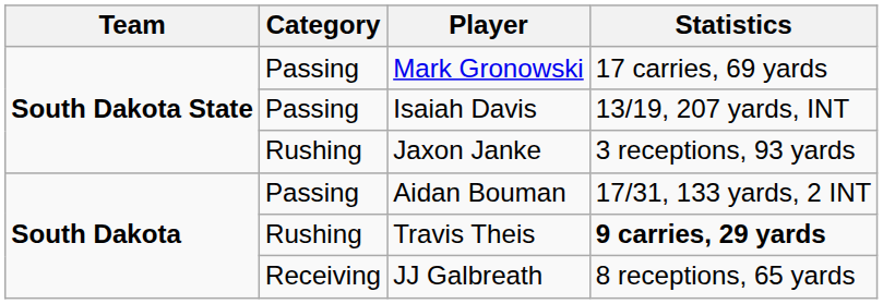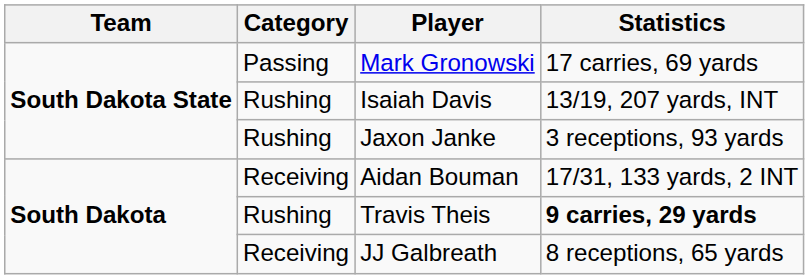 <table class="wikitable" style="float: left;">
 <tr>
 <th>Team</th>
 <th>Category</th>
 <th>Player</th>
 <th>Statistics</th>
 </tr>
 <tr>
 <td rowspan=3><strong>South Dakota State</strong></td>
 <td>Passing</td>
 <td><a href='#'>Mark Gronowski</a></td>
 <td>17 carries, 69 yards</td>
 </tr>
 <tr>
-<td>Passing</td>
+<td>Rushing</td>
 <td>Isaiah Davis</td>
 <td>13/19, 207 yards, INT</td>
 </tr>
 <tr>
 <td>Rushing</td>
 <td>Jaxon Janke</td>
 <td>3 receptions, 93 yards</td>
 </tr>
 <tr>
 <td rowspan=3><strong>South Dakota</strong></td>
-<td>Passing</td>
+<td>Receiving</td>
 <td>Aidan Bouman</td>
 <td>17/31, 133 yards, 2 INT</td>
 </tr>
 <tr>
 <td>Rushing</td>
 <td>Travis Theis</td>
 <td><strong>9 carries, 29 yards</strong></td>
 </tr>
 <tr>
 <td>Receiving</td>
 <td>JJ Galbreath</td>
 <td>8 receptions, 65 yards</td>
 </tr>
 </table>
